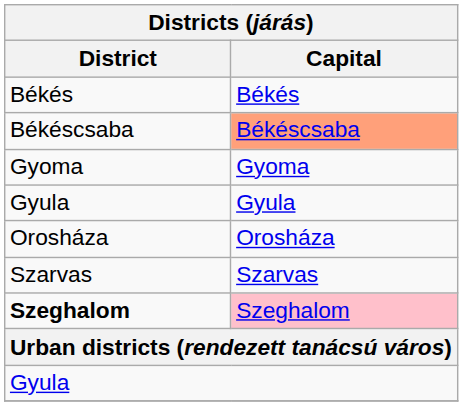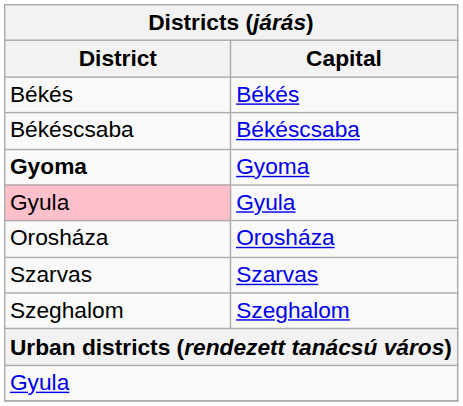 <table class="wikitable">
 <tr>
 <th colspan=2>Districts (<em>járás</em>)</th>
 </tr>
 <tr>
 <th>District</th>
 <th>Capital</th>
 </tr>
 <tr>
 <td> Békés</td>
 <td><a href='#'>Békés</a></td>
 </tr>
 <tr>
 <td> Békéscsaba</td>
-<td style="background: lightsalmon;"><a href='#'>Békéscsaba</a></td>
+<td><a href='#'>Békéscsaba</a></td>
 </tr>
 <tr>
-<td> Gyoma</td>
+<td><strong> Gyoma</strong></td>
 <td><a href='#'>Gyoma</a></td>
 </tr>
 <tr>
-<td> Gyula</td>
+<td style="background: pink;"> Gyula</td>
 <td><a href='#'>Gyula</a></td>
 </tr>
 <tr>
 <td> Orosháza</td>
 <td><a href='#'>Orosháza</a></td>
 </tr>
 <tr>
 <td> Szarvas</td>
 <td><a href='#'>Szarvas</a></td>
 </tr>
 <tr>
-<td><strong> Szeghalom</strong></td>
-<td style="background: pink;"><a href='#'>Szeghalom</a></td>
+<td> Szeghalom</td>
+<td><a href='#'>Szeghalom</a></td>
 </tr>
 <tr>
 <th colspan=2>Urban districts (<em>rendezett tanácsú város</em>)</th>
 </tr>
 <tr>
 <td colspan=2><a href='#'>Gyula</a></td>
 </tr>
 <tr>
 </tr>
 </table>
